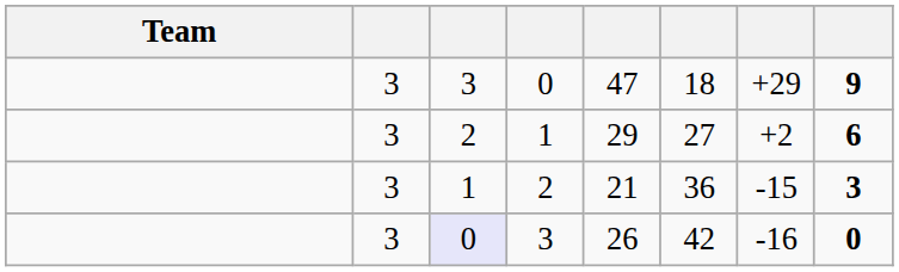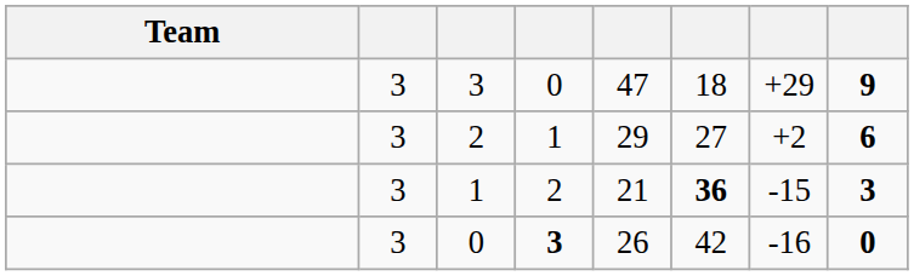 <table class="wikitable" style="text-align:center;font-size:95%">
 <tr>
 <th width=160>Team</th>
 <th width=30></th>
 <th width=30></th>
 <th width=30></th>
 <th width=30></th>
 <th width=30></th>
 <th width=30></th>
 <th width=30></th>
 </tr>
 <tr>
 <td align="left"></td>
 <td>3</td>
 <td>3</td>
 <td>0</td>
 <td>47</td>
 <td>18</td>
 <td>+29</td>
 <td><strong>9</strong></td>
 </tr>
 <tr>
 <td align="left"></td>
 <td>3</td>
 <td>2</td>
 <td>1</td>
 <td>29</td>
 <td>27</td>
 <td>+2</td>
 <td><strong>6</strong></td>
 </tr>
 <tr>
 <td align="left"></td>
 <td>3</td>
 <td>1</td>
 <td>2</td>
 <td>21</td>
-<td>36</td>
+<td><strong>36</strong></td>
 <td>-15</td>
 <td><strong>3</strong></td>
 </tr>
 <tr>
 <td align="left"></td>
 <td>3</td>
-<td style="background: lavender;">0</td>
-<td>3</td>
+<td>0</td>
+<td><strong>3</strong></td>
 <td>26</td>
 <td>42</td>
 <td>-16</td>
 <td><strong>0</strong></td>
 </tr>
 </table>
